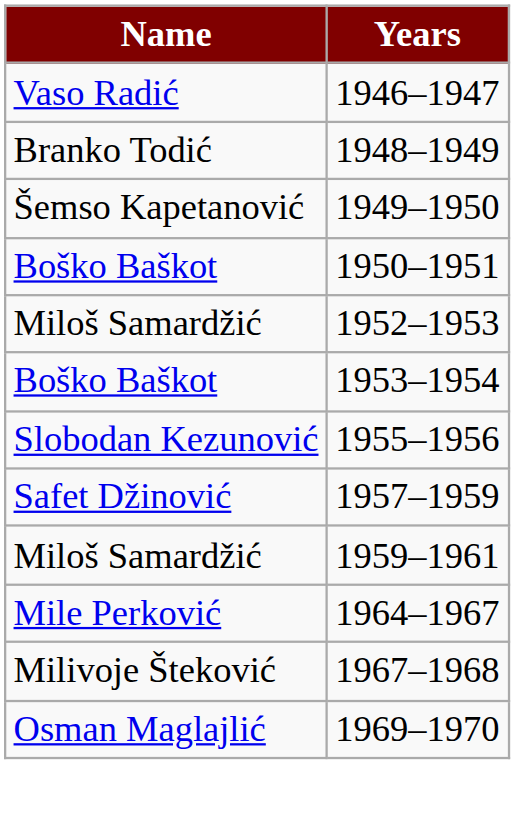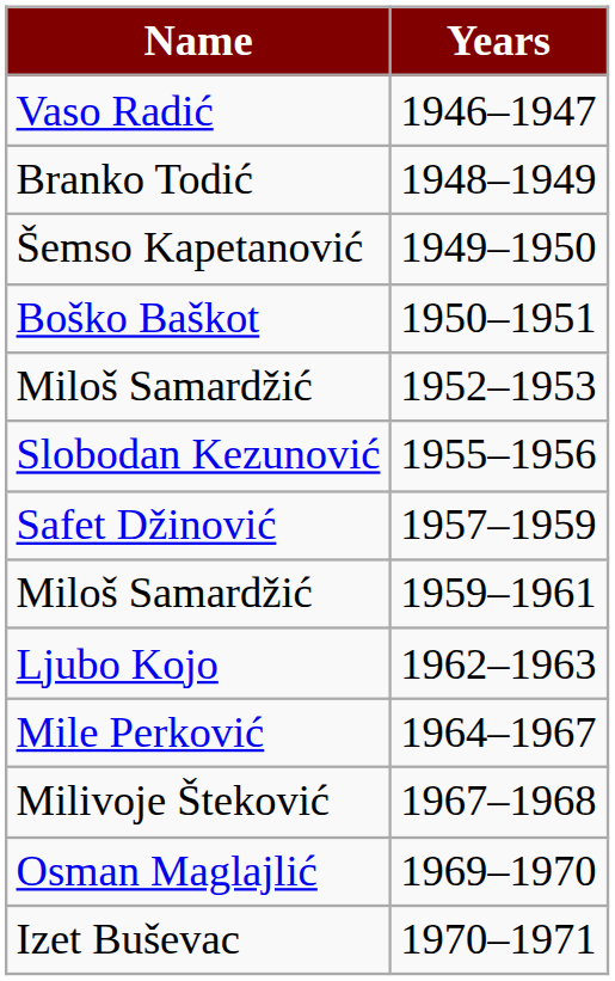 <table class="wikitable" style="display:inline-table">
 <tr>
 <th style="color:#FFFFFF;background:#800000;">Name</th>
 <th style="color:#FFFFFF;background:#800000;">Years</th>
 </tr>
 <tr>
 <td> <a href='#'>Vaso Radić</a></td>
 <td>1946–1947</td>
 </tr>
 <tr>
 <td> Branko Todić</td>
 <td>1948–1949</td>
 </tr>
 <tr>
 <td> Šemso Kapetanović</td>
 <td>1949–1950</td>
 </tr>
 <tr>
 <td> <a href='#'>Boško Baškot</a></td>
 <td>1950–1951</td>
 </tr>
 <tr>
 <td> Miloš Samardžić</td>
 <td>1952–1953</td>
 </tr>
 <tr>
-<td> <a href='#'>Boško Baškot</a></td>
-<td>1953–1954</td>
-</tr>
-<tr>
 <td> <a href='#'>Slobodan Kezunović</a></td>
 <td>1955–1956</td>
 </tr>
 <tr>
 <td> <a href='#'>Safet Džinović</a></td>
 <td>1957–1959</td>
 </tr>
 <tr>
 <td> Miloš Samardžić</td>
 <td>1959–1961</td>
+</tr>
+<tr>
+<td> <a href='#'>Ljubo Kojo</a></td>
+<td>1962–1963</td>
 </tr>
 <tr>
 <td> <a href='#'>Mile Perković</a></td>
 <td>1964–1967</td>
 </tr>
 <tr>
 <td> Milivoje Šteković</td>
 <td>1967–1968</td>
 </tr>
 <tr>
 <td> <a href='#'>Osman Maglajlić</a></td>
 <td>1969–1970</td>
 </tr>
+<tr>
+<td> Izet Buševac</td>
+<td>1970–1971</td>
+</tr>
 </table>
